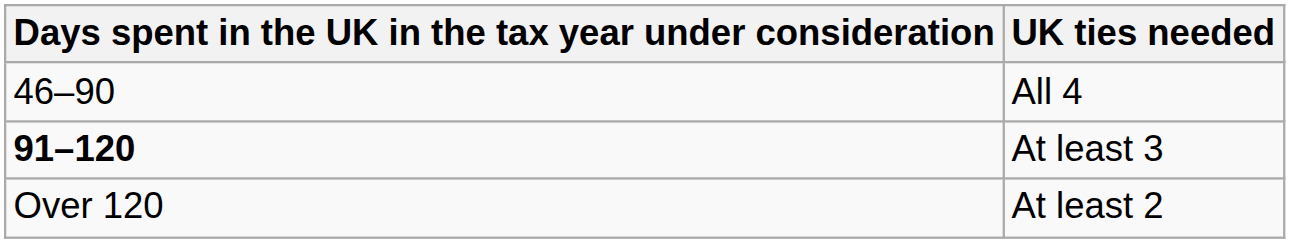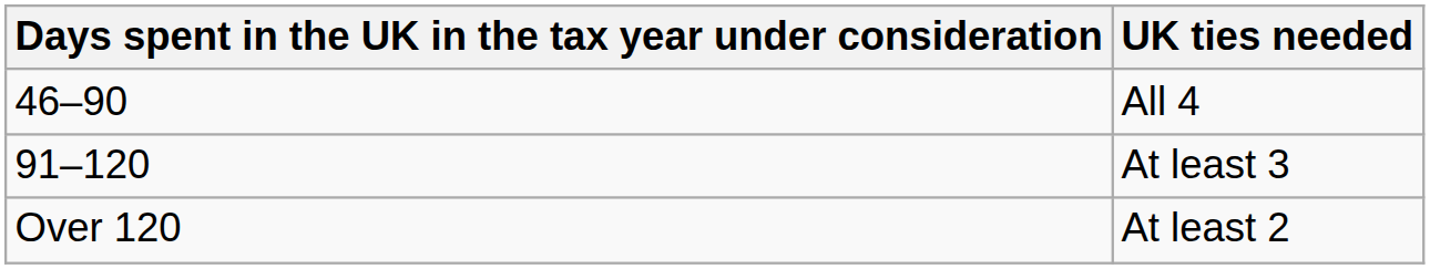 <table class="wikitable">
 <tr>
 <th>Days spent in the UK in the tax year under consideration</th>
 <th>UK ties needed</th>
 </tr>
 <tr>
 <td>46–90</td>
 <td>All 4</td>
 </tr>
 <tr>
-<td><strong>91–120</strong></td>
+<td>91–120</td>
 <td>At least 3</td>
 </tr>
 <tr>
 <td>Over 120</td>
 <td>At least 2</td>
 </tr>
 </table>
